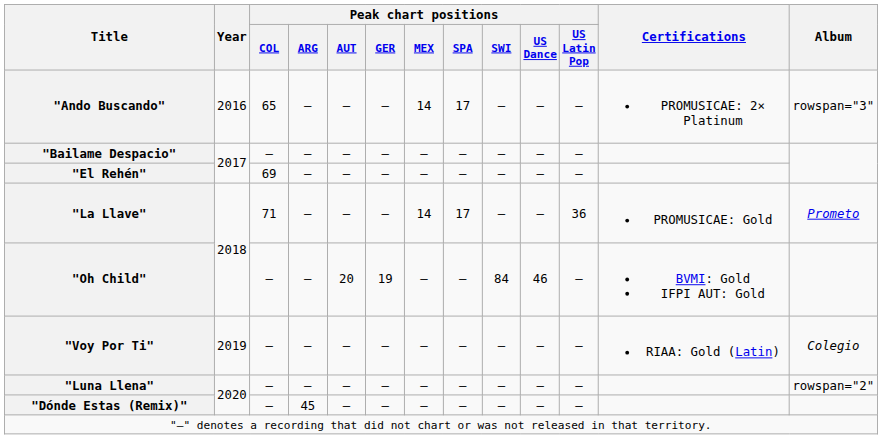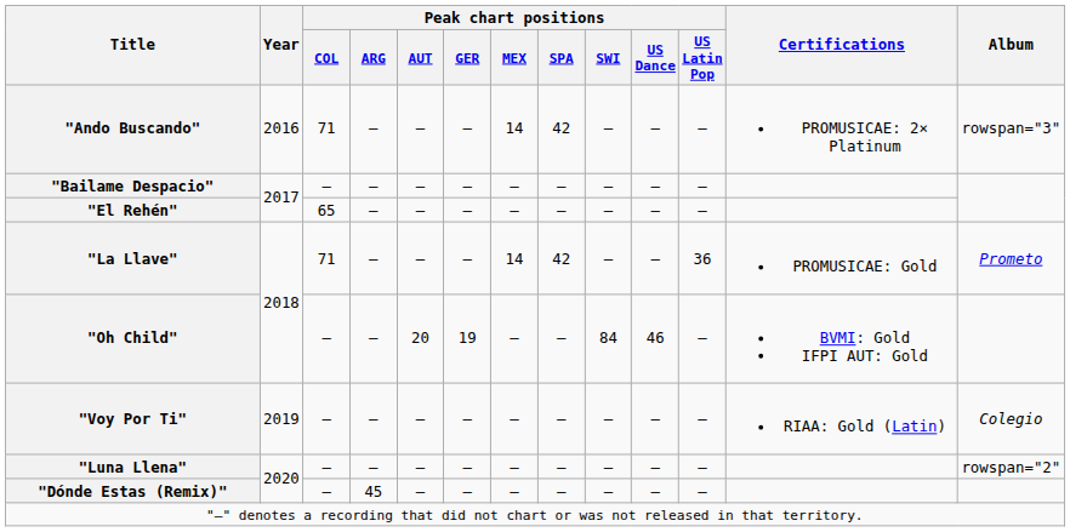 <table class="wikitable plainrowheaders" style="text-align:center;">
 <tr>
 <th scope="col" rowspan="2" style="width:16.5em;">Title</th>
 <th scope="col" rowspan="2" style="width:1em;">Year</th>
 <th colspan="9">Peak chart positions</th>
 <th scope="col" rowspan="2" style="width:15em;"><a href='#'>Certifications</a></th>
 <th scope="col" rowspan="2">Album</th>
 </tr>
 <tr>
 <th scope="col" style="width:3em;font-size:90%;"><a href='#'>COL</a><br></th>
 <th scope="col" style="width:3em;font-size:90%;"><a href='#'>ARG</a><br></th>
 <th scope="col" style="width:3em;font-size:90%;"><a href='#'>AUT</a><br></th>
 <th scope="col" style="width:3em;font-size:90%;"><a href='#'>GER</a><br></th>
 <th scope="col" style="width:3em;font-size:90%;"><a href='#'>MEX</a><br></th>
 <th scope="col" style="width:3em;font-size:90%;"><a href='#'>SPA</a><br></th>
 <th scope="col" style="width:3em;font-size:90%;"><a href='#'>SWI</a><br></th>
 <th scope="col" style="width:3em;font-size:90%;"><a href='#'>US<br>Dance</a><br></th>
 <th scope="col" style="width:3em;font-size:90%;"><a href='#'>US<br>Latin<br>Pop</a><br></th>
 </tr>
 <tr>
 <th scope="row">"Ando Buscando"<br></th>
 <td>2016</td>
-<td>65</td>
+<td>71</td>
 <td>—</td>
 <td>—</td>
 <td>—</td>
 <td>14</td>
-<td>17</td>
+<td>42</td>
 <td>—</td>
 <td>—</td>
 <td>—</td>
 <td><br><ul><li>PROMUSICAE: 2× Platinum</li></ul></td>
 <td>rowspan="3" </td>
 </tr>
 <tr>
 <th scope="row">"Bailame Despacio" <br></th>
 <td rowspan="2">2017</td>
 <td>—</td>
 <td>—</td>
 <td>—</td>
 <td>—</td>
 <td>—</td>
 <td>—</td>
 <td>—</td>
 <td>—</td>
 <td>—</td>
 <td></td>
 </tr>
 <tr>
 <th scope="row">"El Rehén"<br></th>
-<td>69</td>
+<td>65</td>
 <td>—</td>
 <td>—</td>
 <td>—</td>
 <td>—</td>
 <td>—</td>
 <td>—</td>
 <td>—</td>
 <td>—</td>
 <td></td>
 </tr>
 <tr>
 <th scope="row">"La Llave"<br></th>
 <td rowspan="2">2018</td>
 <td>71</td>
 <td>—</td>
 <td>—</td>
 <td>—</td>
 <td>14</td>
-<td>17</td>
+<td>42</td>
 <td>—</td>
 <td>—</td>
 <td>36</td>
 <td><br><ul><li>PROMUSICAE: Gold</li></ul></td>
 <td><em><a href='#'>Prometo</a></em></td>
 </tr>
 <tr>
 <th scope="row">"Oh Child"<br></th>
 <td>—</td>
 <td>—</td>
 <td>20</td>
 <td>19</td>
 <td>—</td>
 <td>—</td>
 <td>84</td>
 <td>46</td>
 <td>—</td>
 <td><br><ul><li><a href='#'>BVMI</a>: Gold</li><li>IFPI AUT: Gold</li></ul></td>
 <td></td>
 </tr>
 <tr>
 <th scope="row">"Voy Por Ti"<br></th>
 <td>2019</td>
 <td>—</td>
 <td>—</td>
 <td>—</td>
 <td>—</td>
 <td>—</td>
 <td>—</td>
 <td>—</td>
 <td>—</td>
 <td>—</td>
 <td><br><ul><li>RIAA: Gold <span>(<a href='#'>Latin</a>)</span></li></ul></td>
 <td><em>Colegio</em></td>
 </tr>
 <tr>
 <th scope="row">"Luna Llena"<br></th>
 <td rowspan="2">2020</td>
 <td>—</td>
 <td>—</td>
 <td>—</td>
 <td>—</td>
 <td>—</td>
 <td>—</td>
 <td>—</td>
 <td>—</td>
 <td>—</td>
 <td></td>
 <td>rowspan="2" </td>
 </tr>
 <tr>
 <th scope="row">"Dónde Estas (Remix)"<br></th>
 <td>—</td>
 <td>45</td>
 <td>—</td>
 <td>—</td>
 <td>—</td>
 <td>—</td>
 <td>—</td>
 <td>—</td>
 <td>—</td>
 <td></td>
 </tr>
 <tr>
 <td colspan="15" style="font-size:90%">"—" denotes a recording that did not chart or was not released in that territory.</td>
 </tr>
 </table>
